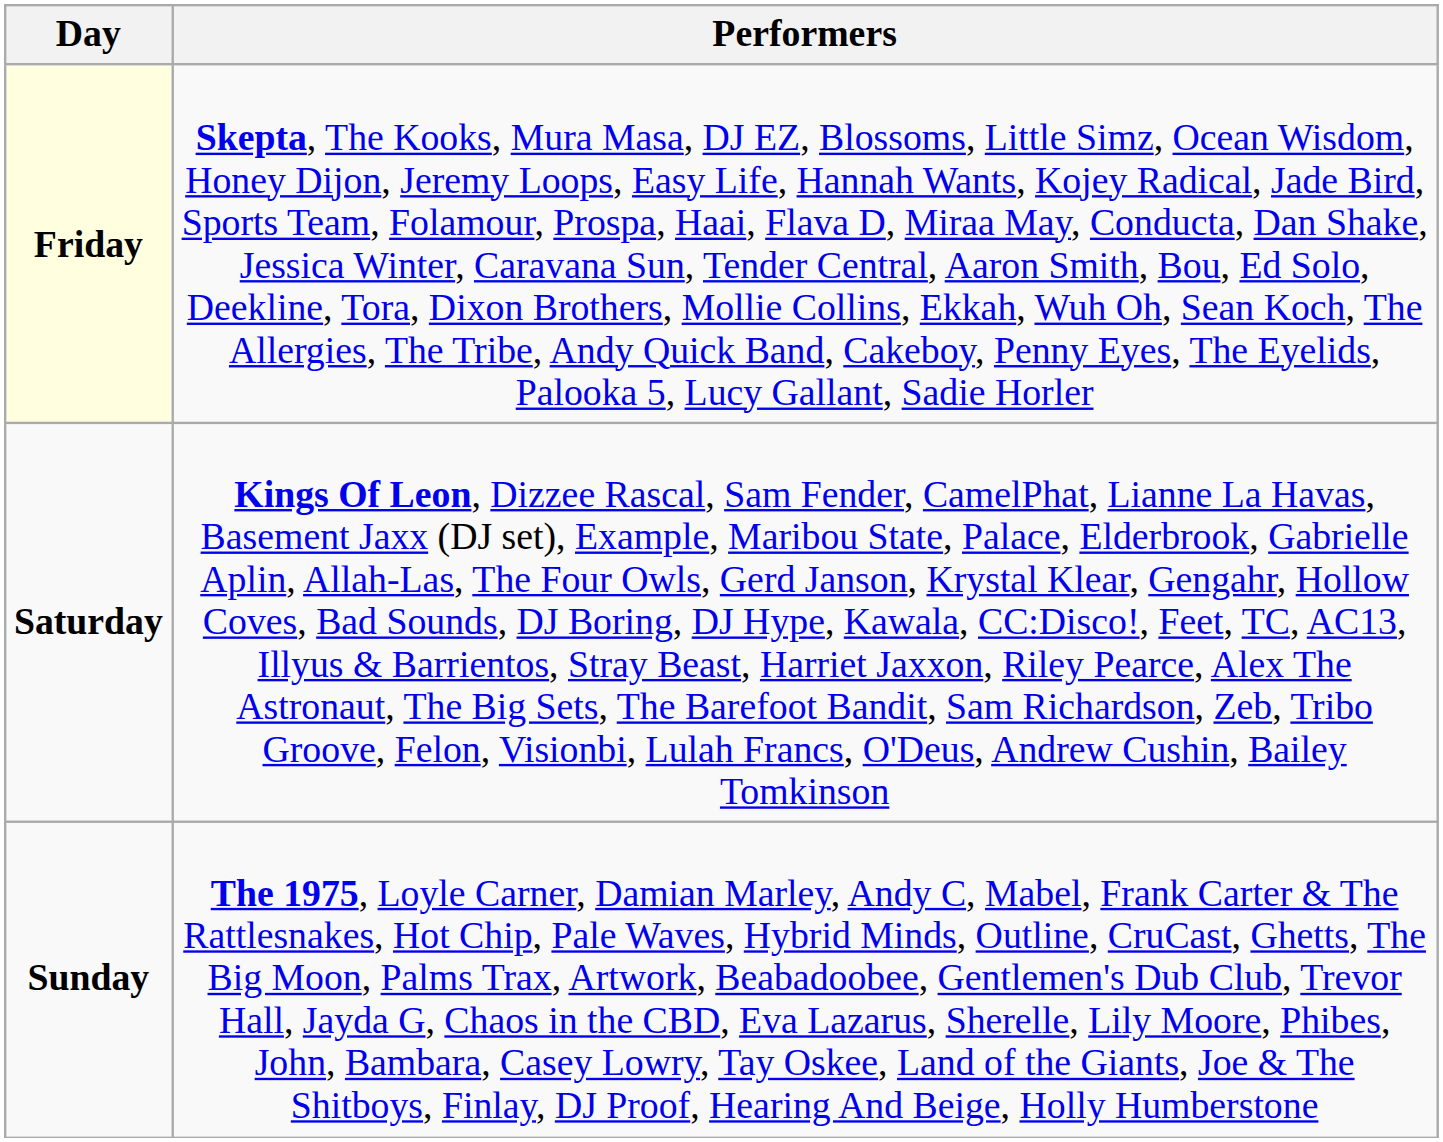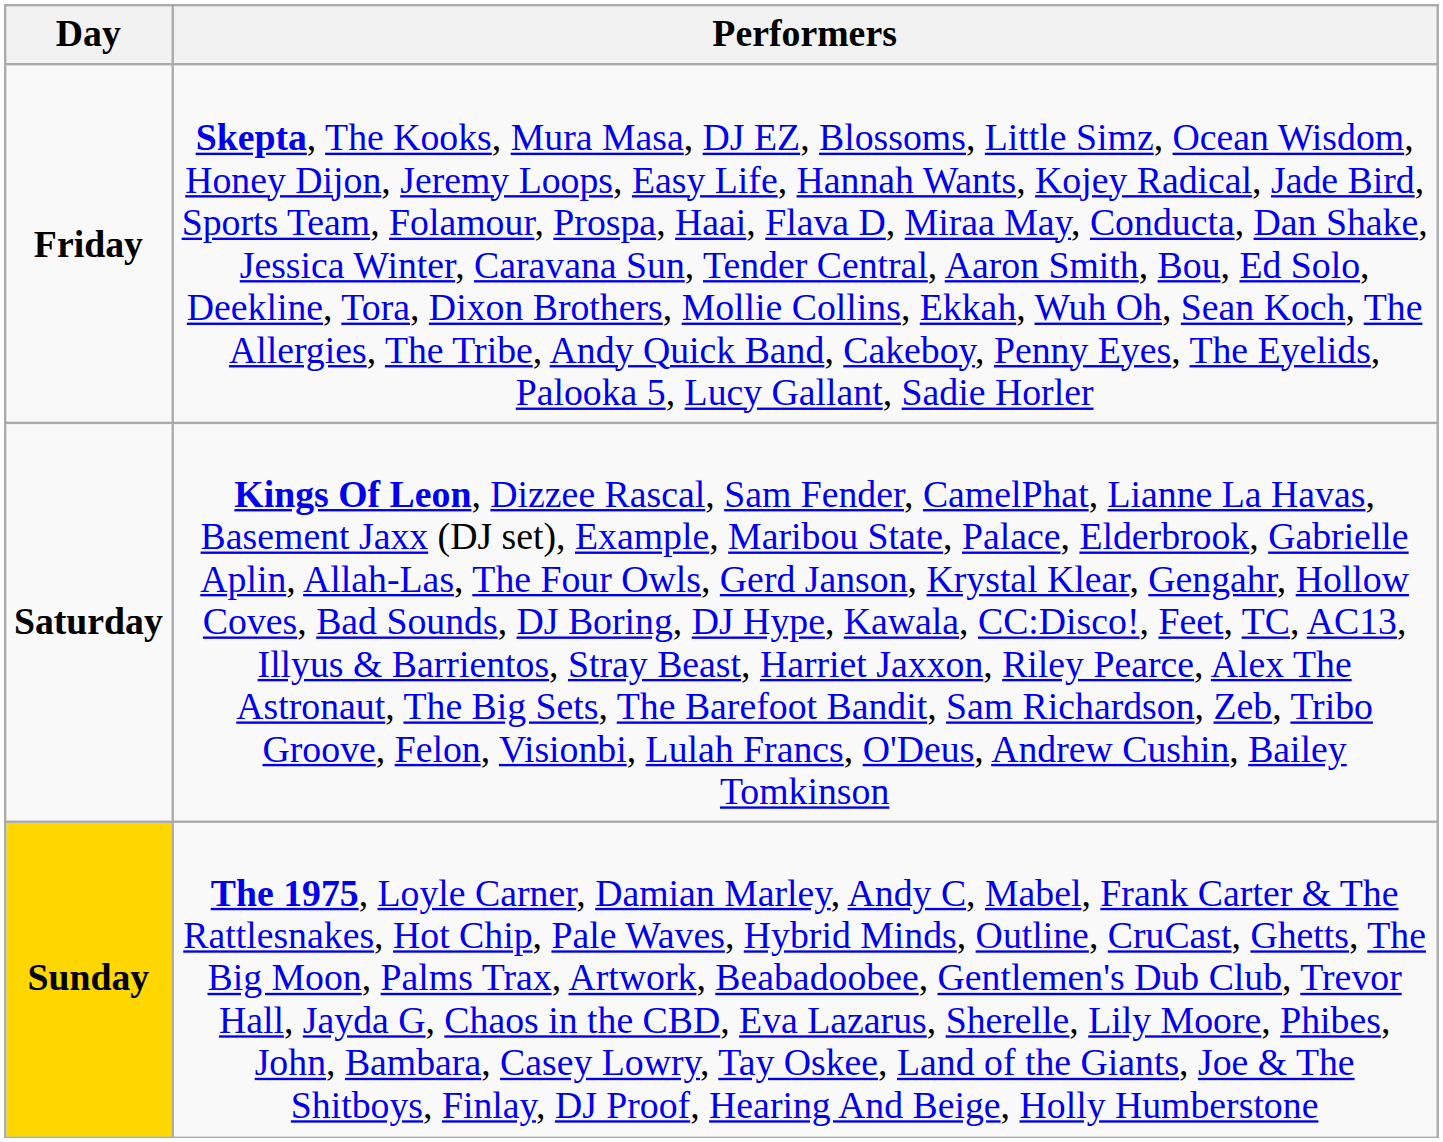 <table class="wikitable" style="text-align:center;">
 <tr>
 <th>Day</th>
 <th>Performers</th>
 </tr>
 <tr>
-<td style="background: lightyellow;"><strong>Friday</strong></td>
+<td><strong>Friday</strong></td>
 <td><br><strong><a href='#'>Skepta</a></strong>, <a href='#'>The Kooks</a>, <a href='#'>Mura Masa</a>, <a href='#'>DJ EZ</a>, <a href='#'>Blossoms</a>, <a href='#'>Little Simz</a>, <a href='#'>Ocean Wisdom</a>, <a href='#'>Honey Dijon</a>, <a href='#'>Jeremy Loops</a>, <a href='#'>Easy Life</a>, <a href='#'>Hannah Wants</a>, <a href='#'>Kojey Radical</a>, <a href='#'>Jade Bird</a>, <a href='#'>Sports Team</a>, <a href='#'>Folamour</a>, <a href='#'>Prospa</a>, <a href='#'>Haai</a>, <a href='#'>Flava D</a>, <a href='#'>Miraa May</a>, <a href='#'>Conducta</a>, <a href='#'>Dan Shake</a>, <a href='#'>Jessica Winter</a>, <a href='#'>Caravana Sun</a>, <a href='#'>Tender Central</a>, <a href='#'>Aaron Smith</a>, <a href='#'>Bou</a>, <a href='#'>Ed Solo</a>, <a href='#'>Deekline</a>, <a href='#'>Tora</a>, <a href='#'>Dixon Brothers</a>, <a href='#'>Mollie Collins</a>, <a href='#'>Ekkah</a>, <a href='#'>Wuh Oh</a>, <a href='#'>Sean Koch</a>, <a href='#'>The Allergies</a>, <a href='#'>The Tribe</a>, <a href='#'>Andy Quick Band</a>, <a href='#'>Cakeboy</a>, <a href='#'>Penny Eyes</a>, <a href='#'>The Eyelids</a>, <a href='#'>Palooka 5</a>, <a href='#'>Lucy Gallant</a>, <a href='#'>Sadie Horler</a></td>
 </tr>
 <tr>
 <td><strong>Saturday</strong></td>
 <td><br><strong><a href='#'>Kings Of Leon</a></strong>, <a href='#'>Dizzee Rascal</a>, <a href='#'>Sam Fender</a>, <a href='#'>CamelPhat</a>, <a href='#'>Lianne La Havas</a>, <a href='#'>Basement Jaxx</a> (DJ set), <a href='#'>Example</a>, <a href='#'>Maribou State</a>, <a href='#'>Palace</a>, <a href='#'>Elderbrook</a>, <a href='#'>Gabrielle Aplin</a>, <a href='#'>Allah-Las</a>, <a href='#'>The Four Owls</a>, <a href='#'>Gerd Janson</a>, <a href='#'>Krystal Klear</a>, <a href='#'>Gengahr</a>, <a href='#'>Hollow Coves</a>, <a href='#'>Bad Sounds</a>, <a href='#'>DJ Boring</a>, <a href='#'>DJ Hype</a>, <a href='#'>Kawala</a>, <a href='#'>CC:Disco!</a>, <a href='#'>Feet</a>, <a href='#'>TC</a>, <a href='#'>AC13</a>, <a href='#'>Illyus & Barrientos</a>, <a href='#'>Stray Beast</a>, <a href='#'>Harriet Jaxxon</a>, <a href='#'>Riley Pearce</a>, <a href='#'>Alex The Astronaut</a>, <a href='#'>The Big Sets</a>, <a href='#'>The Barefoot Bandit</a>, <a href='#'>Sam Richardson</a>, <a href='#'>Zeb</a>, <a href='#'>Tribo Groove</a>, <a href='#'>Felon</a>, <a href='#'>Visionbi</a>, <a href='#'>Lulah Francs</a>, <a href='#'>O'Deus</a>, <a href='#'>Andrew Cushin</a>, <a href='#'>Bailey Tomkinson</a></td>
 </tr>
 <tr>
-<td><strong>Sunday</strong></td>
+<td style="background: gold;"><strong>Sunday</strong></td>
 <td><br><strong><a href='#'>The 1975</a></strong>, <a href='#'>Loyle Carner</a>, <a href='#'>Damian Marley</a>, <a href='#'>Andy C</a>, <a href='#'>Mabel</a>, <a href='#'>Frank Carter & The Rattlesnakes</a>, <a href='#'>Hot Chip</a>, <a href='#'>Pale Waves</a>, <a href='#'>Hybrid Minds</a>, <a href='#'>Outline</a>, <a href='#'>CruCast</a>, <a href='#'>Ghetts</a>, <a href='#'>The Big Moon</a>, <a href='#'>Palms Trax</a>, <a href='#'>Artwork</a>, <a href='#'>Beabadoobee</a>, <a href='#'>Gentlemen's Dub Club</a>, <a href='#'>Trevor Hall</a>, <a href='#'>Jayda G</a>, <a href='#'>Chaos in the CBD</a>, <a href='#'>Eva Lazarus</a>, <a href='#'>Sherelle</a>, <a href='#'>Lily Moore</a>, <a href='#'>Phibes</a>, <a href='#'>John</a>, <a href='#'>Bambara</a>, <a href='#'>Casey Lowry</a>, <a href='#'>Tay Oskee</a>, <a href='#'>Land of the Giants</a>, <a href='#'>Joe & The Shitboys</a>, <a href='#'>Finlay</a>, <a href='#'>DJ Proof</a>, <a href='#'>Hearing And Beige</a>, <a href='#'>Holly Humberstone</a></td>
 </tr>
 <tr>
 </tr>
 </table>
